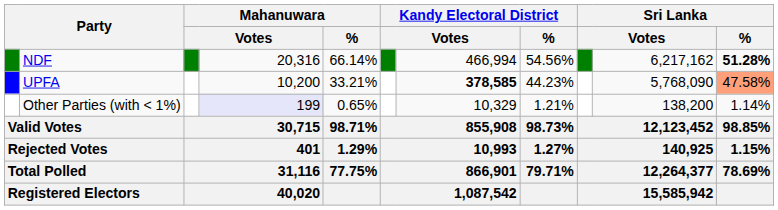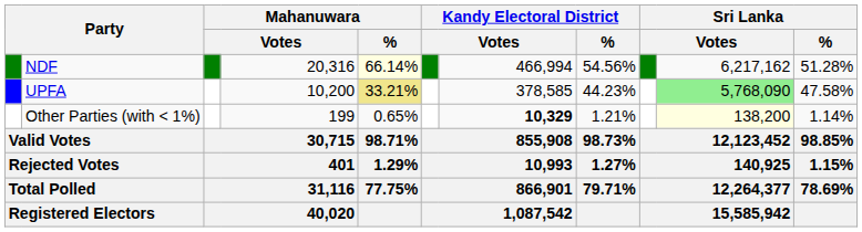 <table class="wikitable">
 <tr>
 <th colspan="2" width="144px"rowspan="2">Party</th>
 <th colspan="3" width="216px">Mahanuwara</th>
 <th colspan="3" width="216px"><a href='#'>Kandy Electoral District</a></th>
 <th colspan="3" width="216px">Sri Lanka</th>
 </tr>
 <tr>
 <th colspan="2" width="144px">Votes</th>
 <th>%</th>
 <th colspan="2" width="144px">Votes</th>
 <th>%</th>
 <th colspan="2" width="144px">Votes</th>
 <th>%</th>
 </tr>
 <tr>
 <td style="background-color:green;" width="10px"></td>
 <td style="text-align:left;"><a href='#'>NDF</a></td>
 <td style="background-color:green;" width="10px"></td>
 <td style="text-align:right;">20,316</td>
-<td style="text-align:right;">66.14%</td>
+<td style="background: lightyellow; text-align:right;">66.14%</td>
 <td style="background-color:green;" width="10px"></td>
 <td style="text-align:right;">466,994</td>
 <td style="text-align:right;">54.56%</td>
 <td style="background-color:green;" width="10px"></td>
 <td style="text-align:right;">6,217,162</td>
-<td style="text-align:right;"><strong>51.28%</strong></td>
+<td style="text-align:right;">51.28%</td>
 </tr>
 <tr>
 <td style="background-color:blue;" width="10px"></td>
 <td style="text-align:left;"><a href='#'>UPFA</a></td>
 <td style="background-color:white;" width="10px"></td>
 <td style="text-align:right;">10,200</td>
-<td style="text-align:right;">33.21%</td>
+<td style="background: khaki; text-align:right;">33.21%</td>
 <td style="background-color:white;" width="10px"></td>
-<td style="text-align:right;"><strong>378,585</strong></td>
+<td style="text-align:right;">378,585</td>
 <td style="text-align:right;">44.23%</td>
 <td style="background-color:white;" width="10px"></td>
-<td style="text-align:right;">5,768,090</td>
-<td style="background: lightsalmon; text-align:right;">47.58%</td>
+<td style="background: lightgreen; text-align:right;">5,768,090</td>
+<td style="text-align:right;">47.58%</td>
 </tr>
 <tr>
 <td style="background-color:white;" width="10px"></td>
 <td style="text-align:left;">Other Parties (with < 1%)</td>
 <td style="background-color:white;" width="10px"></td>
-<td style="background: lavender; text-align:right;">199</td>
+<td style="text-align:right;">199</td>
 <td style="text-align:right;">0.65%</td>
 <td style="background-color:white;" width="10px"></td>
-<td style="text-align:right;">10,329</td>
+<td style="text-align:right;"><strong>10,329</strong></td>
 <td style="text-align:right;">1.21%</td>
 <td style="background-color:white;" width="10px"></td>
-<td style="text-align:right;">138,200</td>
+<td style="background: lightyellow; text-align:right;">138,200</td>
 <td style="text-align:right;">1.14%</td>
 </tr>
 <tr>
 <th colspan="2" width="144px"style="text-align:left;">Valid Votes</th>
 <th style="text-align:right;"colspan="2" width="144px">30,715</th>
 <th style="text-align:right;">98.71%</th>
 <th style="text-align:right;"colspan="2" width="144px">855,908</th>
 <th style="text-align:right;">98.73%</th>
 <th style="text-align:right;"colspan="2" width="144px">12,123,452</th>
 <th style="text-align:right;">98.85%</th>
 </tr>
 <tr>
 <th colspan="2" width="144px"style="text-align:left;">Rejected Votes</th>
 <th style="text-align:right;"colspan="2" width="144px">401</th>
 <th style="text-align:right;">1.29%</th>
 <th style="text-align:right;"colspan="2" width="144px">10,993</th>
 <th style="text-align:right;">1.27%</th>
 <th style="text-align:right;"colspan="2" width="144px">140,925</th>
 <th style="text-align:right;">1.15%</th>
 </tr>
 <tr>
 <th colspan="2" width="144px"style="text-align:left;">Total Polled</th>
 <th style="text-align:right;"colspan="2" width="144px">31,116</th>
 <th style="text-align:right;">77.75%</th>
 <th style="text-align:right;"colspan="2" width="144px">866,901</th>
 <th style="text-align:right;">79.71%</th>
 <th style="text-align:right;"colspan="2" width="144px">12,264,377</th>
 <th style="text-align:right;">78.69%</th>
 </tr>
 <tr>
 <th colspan="2" width="144px"style="text-align:left;">Registered Electors</th>
 <th style="text-align:right;"colspan="2" width="144px">40,020</th>
 <th></th>
 <th style="text-align:right;"colspan="2" width="144px">1,087,542</th>
 <th></th>
 <th style="text-align:right;"colspan="2" width="144px">15,585,942</th>
 <th></th>
 </tr>
 </table>
